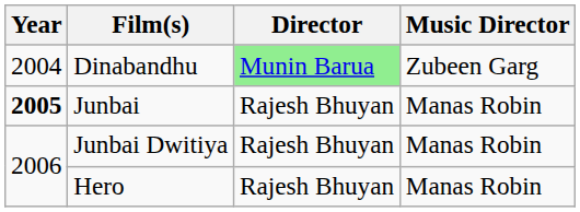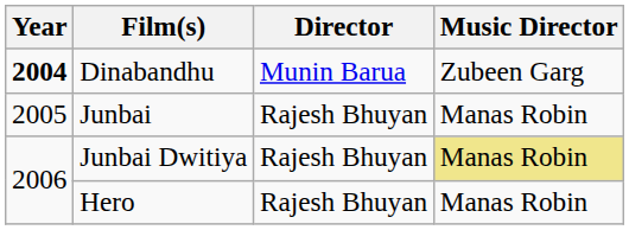 <table class="wikitable">
 <tr>
 <th>Year</th>
 <th>Film(s)</th>
 <th>Director</th>
 <th>Music Director</th>
 </tr>
 <tr>
-<td>2004</td>
+<td><strong>2004</strong></td>
 <td>Dinabandhu</td>
-<td style="background: lightgreen;"><a href='#'>Munin Barua</a></td>
+<td><a href='#'>Munin Barua</a></td>
 <td>Zubeen Garg</td>
 </tr>
 <tr>
-<td><strong>2005</strong></td>
+<td>2005</td>
 <td>Junbai</td>
 <td>Rajesh Bhuyan</td>
 <td>Manas Robin</td>
 </tr>
 <tr>
 <td rowspan="2">2006</td>
 <td>Junbai Dwitiya</td>
 <td>Rajesh Bhuyan</td>
-<td>Manas Robin</td>
+<td style="background: khaki;">Manas Robin</td>
 </tr>
 <tr>
 <td>Hero</td>
 <td>Rajesh Bhuyan</td>
 <td>Manas Robin</td>
 </tr>
 </table>
